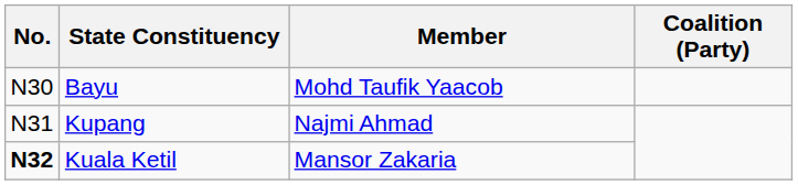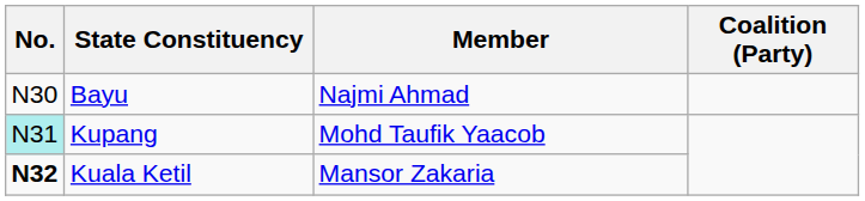 <table class="wikitable">
 <tr>
 <th width="30">No.</th>
 <th width="150">State Constituency</th>
 <th width="230">Member</th>
 <th width="100">Coalition (Party)</th>
 </tr>
 <tr>
 <td>N30</td>
 <td><a href='#'>Bayu</a></td>
-<td><a href='#'>Mohd Taufik Yaacob</a></td>
+<td><a href='#'>Najmi Ahmad</a></td>
 <td></td>
 </tr>
 <tr>
-<td>N31</td>
+<td style="background: paleturquoise;">N31</td>
 <td><a href='#'>Kupang</a></td>
-<td><a href='#'>Najmi Ahmad</a></td>
+<td><a href='#'>Mohd Taufik Yaacob</a></td>
 <td rowspan=2></td>
 </tr>
 <tr>
 <td><strong>N32</strong></td>
 <td><a href='#'>Kuala Ketil</a></td>
 <td><a href='#'>Mansor Zakaria</a></td>
 </tr>
 </table>
